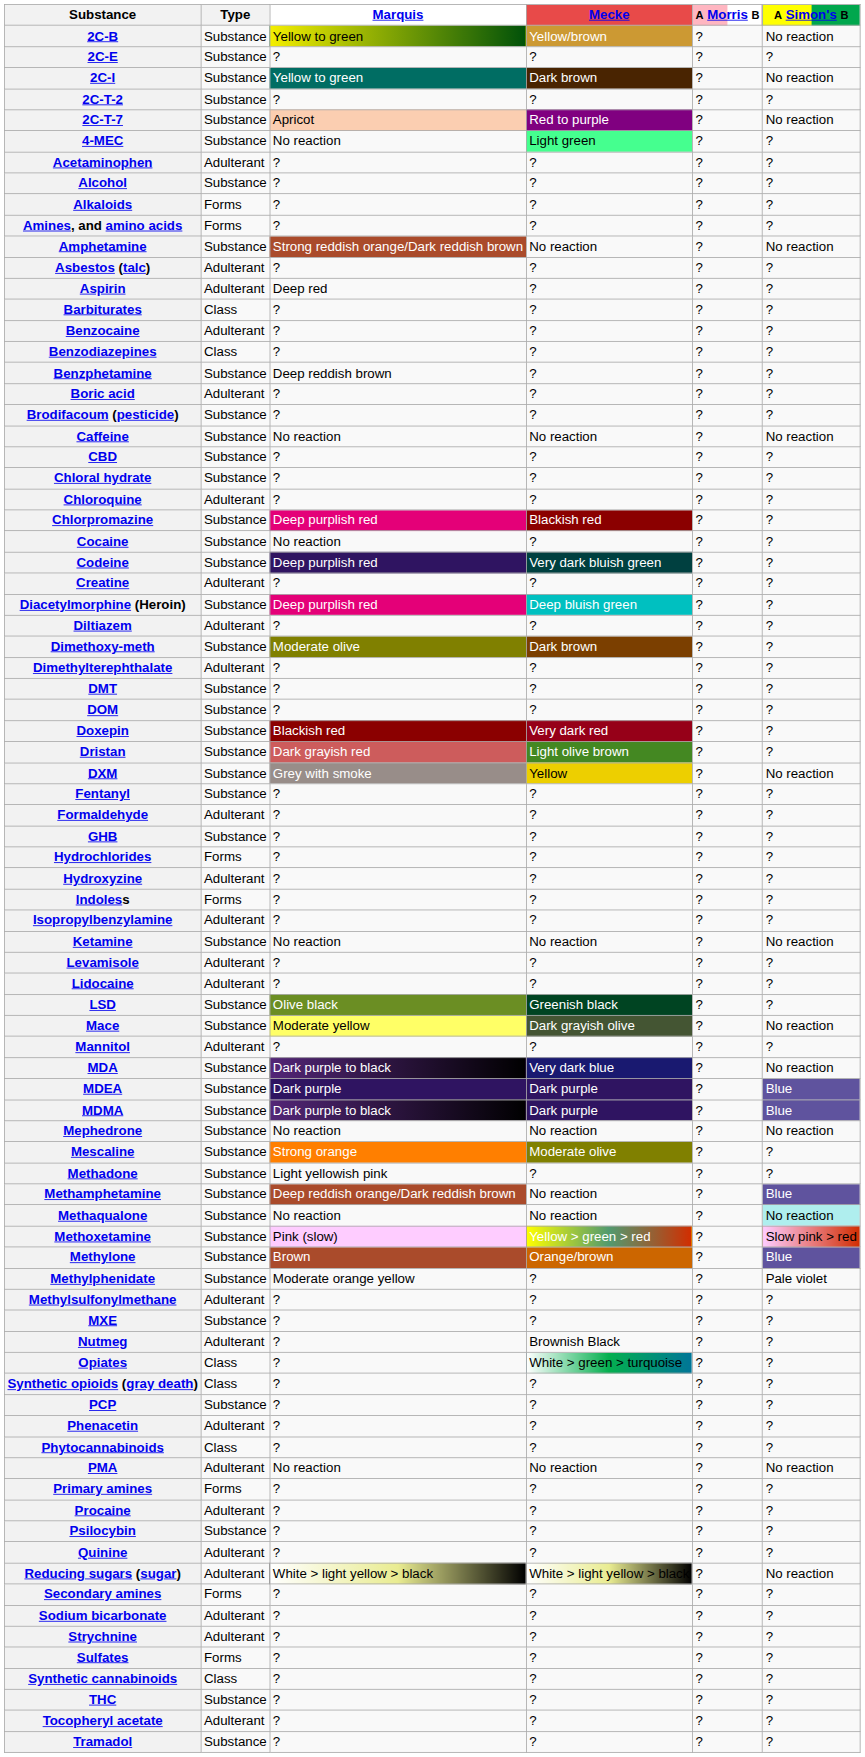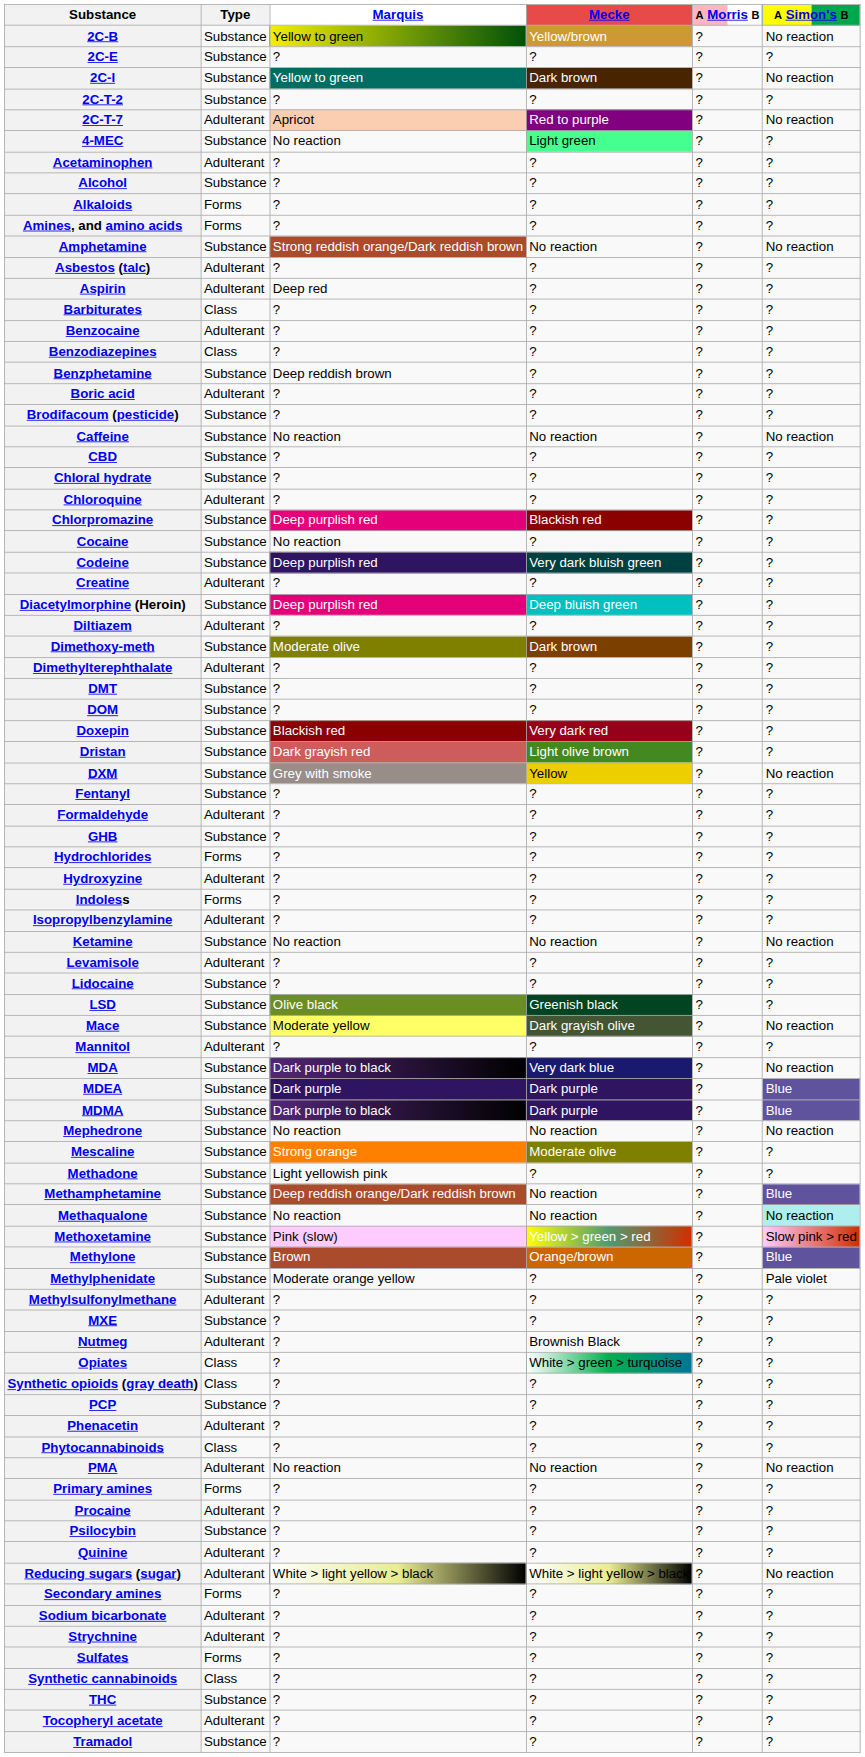 <table class="wikitable sortable">
 <tr>
 <th>Substance</th>
 <th>Type</th>
 <th style="background:#ffffff;"><a href='#'>Marquis</a></th>
 <th style="background:#e84a49;"><a href='#'>Mecke</a></th>
 <th style="background-image: linear-gradient(to right, lightpink 50%, white 50%);"><small>A</small> <a href='#'>Morris</a> <small>B</small></th>
 <th style="background-image: linear-gradient(to right, yellow 50%, #00a74d 50%);"><small>A</small> <a href='#'>Simon's</a> <small>B</small></th>
 </tr>
 <tr>
 <th><a href='#'>2C-B</a></th>
 <td>Substance</td>
 <td style="background-image: linear-gradient(to right, #f4ee00,#005109);">Yellow to green </td>
 <td style="background:#CC9933; color:white">Yellow/brown</td>
 <td>?</td>
 <td>No reaction</td>
 </tr>
 <tr>
 <th><a href='#'>2C-E</a></th>
 <td>Substance</td>
 <td>?</td>
 <td>?</td>
 <td>?</td>
 <td>?</td>
 </tr>
 <tr>
 <th><a href='#'>2C-I</a></th>
 <td>Substance</td>
 <td style="background:#006d63; color:white">Yellow to green</td>
 <td style="background:#492401; color:white">Dark brown</td>
 <td>?</td>
 <td>No reaction</td>
 </tr>
 <tr>
 <th><a href='#'>2C-T-2</a></th>
 <td>Substance</td>
 <td>?</td>
 <td>?</td>
 <td>?</td>
 <td>?</td>
 </tr>
 <tr>
 <th><a href='#'>2C-T-7</a></th>
-<td>Substance</td>
+<td>Adulterant</td>
 <td style="background:#FBCEB1; color:black">Apricot</td>
 <td style="background:#800080; color:white">Red to purple</td>
 <td>?</td>
 <td>No reaction</td>
 </tr>
 <tr>
 <th><a href='#'>4-MEC</a></th>
 <td>Substance</td>
 <td>No reaction</td>
 <td style="background:#45FF8F; color:light green">Light green</td>
 <td>?</td>
 <td>?</td>
 </tr>
 <tr>
 <th><a href='#'>Acetaminophen</a></th>
 <td>Adulterant</td>
 <td>?</td>
 <td>?</td>
 <td>?</td>
 <td>?</td>
 </tr>
 <tr>
 <th><a href='#'>Alcohol</a></th>
 <td>Substance</td>
 <td>?</td>
 <td>?</td>
 <td>?</td>
 <td>?</td>
 </tr>
 <tr>
 <th><a href='#'>Alkaloids</a></th>
 <td>Forms</td>
 <td>?</td>
 <td>?</td>
 <td>?</td>
 <td>?</td>
 </tr>
 <tr>
 <th><a href='#'>Amines</a>, and <a href='#'>amino acids</a></th>
 <td>Forms</td>
 <td>?</td>
 <td>?</td>
 <td>?</td>
 <td>?</td>
 </tr>
 <tr>
 <th><a href='#'>Amphetamine</a></th>
 <td>Substance</td>
 <td style="background:#AA4B2B; color:white">Strong reddish orange/Dark reddish brown </td>
 <td>No reaction</td>
 <td>?</td>
 <td>No reaction</td>
 </tr>
 <tr>
 <th><a href='#'>Asbestos</a> (<a href='#'>talc</a>)</th>
 <td>Adulterant</td>
 <td>?</td>
 <td>?</td>
 <td>?</td>
 <td>?</td>
 </tr>
 <tr>
 <th><a href='#'>Aspirin</a></th>
 <td>Adulterant</td>
 <td>Deep red </td>
 <td>?</td>
 <td>?</td>
 <td>?</td>
 </tr>
 <tr>
 <th><a href='#'>Barbiturates</a></th>
 <td>Class</td>
 <td>?</td>
 <td>?</td>
 <td>?</td>
 <td>?</td>
 </tr>
 <tr>
 <th><a href='#'>Benzocaine</a></th>
 <td>Adulterant</td>
 <td>?</td>
 <td>?</td>
 <td>?</td>
 <td>?</td>
 </tr>
 <tr>
 <th><a href='#'>Benzodiazepines</a></th>
 <td>Class</td>
 <td>?</td>
 <td>?</td>
 <td>?</td>
 <td>?</td>
 </tr>
 <tr>
 <th><a href='#'>Benzphetamine</a></th>
 <td>Substance</td>
 <td>Deep reddish brown </td>
 <td>?</td>
 <td>?</td>
 <td>?</td>
 </tr>
 <tr>
 <th><a href='#'>Boric acid</a></th>
 <td>Adulterant</td>
 <td>?</td>
 <td>?</td>
 <td>?</td>
 <td>?</td>
 </tr>
 <tr>
 <th><a href='#'>Brodifacoum</a> (<a href='#'>pesticide</a>)</th>
 <td>Substance</td>
 <td>?</td>
 <td>?</td>
 <td>?</td>
 <td>?</td>
 </tr>
 <tr>
 <th><a href='#'>Caffeine</a></th>
 <td>Substance</td>
 <td>No reaction</td>
 <td>No reaction</td>
 <td>?</td>
 <td>No reaction</td>
 </tr>
 <tr>
 <th><a href='#'>CBD</a></th>
 <td>Substance</td>
 <td>?</td>
 <td>?</td>
 <td>?</td>
 <td>?</td>
 </tr>
 <tr>
 <th><a href='#'>Chloral hydrate</a></th>
 <td>Substance</td>
 <td>?</td>
 <td>?</td>
 <td>?</td>
 <td>?</td>
 </tr>
 <tr>
 <th><a href='#'>Chloroquine</a></th>
 <td>Adulterant</td>
 <td>?</td>
 <td>?</td>
 <td>?</td>
 <td>?</td>
 </tr>
 <tr>
 <th><a href='#'>Chlorpromazine</a></th>
 <td>Substance</td>
 <td style="background:#E40078; color:white">Deep purplish red </td>
 <td style="background:#8B0000; color:white">Blackish red </td>
 <td>?</td>
 <td>?</td>
 </tr>
 <tr>
 <th><a href='#'>Cocaine</a></th>
 <td>Substance</td>
 <td>No reaction</td>
 <td>?</td>
 <td>?</td>
 <td>?</td>
 </tr>
 <tr>
 <th><a href='#'>Codeine</a></th>
 <td>Substance</td>
 <td style="background:#2F1461; color:white">Deep purplish red </td>
 <td style="background:#004040; color:white">Very dark bluish green </td>
 <td>?</td>
 <td>?</td>
 </tr>
 <tr>
 <th><a href='#'>Creatine</a></th>
 <td>Adulterant</td>
 <td>?</td>
 <td>?</td>
 <td>?</td>
 <td>?</td>
 </tr>
 <tr>
 <th><a href='#'>Diacetylmorphine</a> (Heroin)</th>
 <td>Substance</td>
 <td style="background:#E40078; color:white">Deep purplish red </td>
 <td style="background:#00C0C0; color:white">Deep bluish green </td>
 <td>?</td>
 <td>?</td>
 </tr>
 <tr>
 <th><a href='#'>Diltiazem</a></th>
 <td>Adulterant</td>
 <td>?</td>
 <td>?</td>
 <td>?</td>
 <td>?</td>
 </tr>
 <tr>
 <th><a href='#'>Dimethoxy-meth</a></th>
 <td>Substance</td>
 <td style="background:#808000; color:white">Moderate olive</td>
 <td style="background:#7B3F00; color:white">Dark brown</td>
 <td>?</td>
 <td>?</td>
 </tr>
 <tr>
 <th><a href='#'>Dimethylterephthalate</a></th>
 <td>Adulterant</td>
 <td>?</td>
 <td>?</td>
 <td>?</td>
 <td>?</td>
 </tr>
 <tr>
 <th><a href='#'>DMT</a></th>
 <td>Substance</td>
 <td>?</td>
 <td>?</td>
 <td>?</td>
 <td>?</td>
 </tr>
 <tr>
 <th><a href='#'>DOM</a></th>
 <td>Substance</td>
 <td>?</td>
 <td>?</td>
 <td>?</td>
 <td>?</td>
 </tr>
 <tr>
 <th><a href='#'>Doxepin</a></th>
 <td>Substance</td>
 <td style="background:#8B0000; color:white">Blackish red </td>
 <td style="background:#960018; color:white">Very dark red</td>
 <td>?</td>
 <td>?</td>
 </tr>
 <tr>
 <th><a href='#'>Dristan</a></th>
 <td>Substance</td>
 <td style="background:#CD5C5C; color:white">Dark grayish red </td>
 <td style="background:#448822; color:white">Light olive brown </td>
 <td>?</td>
 <td>?</td>
 </tr>
 <tr>
 <th><a href='#'>DXM</a></th>
 <td>Substance</td>
 <td style="background:#988D89; color:white">Grey with smoke</td>
 <td style="background:#EDCF00; color:black">Yellow</td>
 <td>?</td>
 <td>No reaction</td>
 </tr>
 <tr>
 <th><a href='#'>Fentanyl</a></th>
 <td>Substance</td>
 <td>?</td>
 <td>?</td>
 <td>?</td>
 <td>?</td>
 </tr>
 <tr>
 <th><a href='#'>Formaldehyde</a></th>
 <td>Adulterant</td>
 <td>?</td>
 <td>?</td>
 <td>?</td>
 <td>?</td>
 </tr>
 <tr>
 <th><a href='#'>GHB</a></th>
 <td>Substance</td>
 <td>?</td>
 <td>?</td>
 <td>?</td>
 <td>?</td>
 </tr>
 <tr>
 <th><a href='#'>Hydrochlorides</a></th>
 <td>Forms</td>
 <td>?</td>
 <td>?</td>
 <td>?</td>
 <td>?</td>
 </tr>
 <tr>
 <th><a href='#'>Hydroxyzine</a></th>
 <td>Adulterant</td>
 <td>?</td>
 <td>?</td>
 <td>?</td>
 <td>?</td>
 </tr>
 <tr>
 <th><a href='#'>Indoles</a>s</th>
 <td>Forms</td>
 <td>?</td>
 <td>?</td>
 <td>?</td>
 <td>?</td>
 </tr>
 <tr>
 <th><a href='#'>Isopropylbenzylamine</a></th>
 <td>Adulterant</td>
 <td>?</td>
 <td>?</td>
 <td>?</td>
 <td>?</td>
 </tr>
 <tr>
 <th><a href='#'>Ketamine</a></th>
 <td>Substance</td>
 <td>No reaction</td>
 <td>No reaction</td>
 <td>?</td>
 <td>No reaction</td>
 </tr>
 <tr>
 <th><a href='#'>Levamisole</a></th>
 <td>Adulterant</td>
 <td>?</td>
 <td>?</td>
 <td>?</td>
 <td>?</td>
 </tr>
 <tr>
 <th><a href='#'>Lidocaine</a></th>
-<td>Adulterant</td>
+<td>Substance</td>
 <td>?</td>
 <td>?</td>
 <td>?</td>
 <td>?</td>
 </tr>
 <tr>
 <th><a href='#'>LSD</a></th>
 <td>Substance</td>
 <td style="background:#6B8E23; color:white">Olive black </td>
 <td style="background:#004422; color:white">Greenish black </td>
 <td>?</td>
 <td>?</td>
 </tr>
 <tr>
 <th><a href='#'>Mace</a></th>
 <td>Substance</td>
 <td style="background:#FFFF66; color:black">Moderate yellow </td>
 <td style="background:#445533; color:white">Dark grayish olive </td>
 <td>?</td>
 <td>No reaction</td>
 </tr>
 <tr>
 <th><a href='#'>Mannitol</a></th>
 <td>Adulterant</td>
 <td>?</td>
 <td>?</td>
 <td>?</td>
 <td>?</td>
 </tr>
 <tr>
 <th><a href='#'>MDA</a></th>
 <td>Substance</td>
 <td style="background-image: linear-gradient(to right, #532677, #000000); color:white">Dark purple to black</td>
 <td style="background:#191970; color:white">Very dark blue</td>
 <td>?</td>
 <td>No reaction</td>
 </tr>
 <tr>
 <th><a href='#'>MDEA</a></th>
 <td>Substance</td>
 <td style="background:#2F1461; color:white">Dark purple</td>
 <td style="background:#2F1461; color:white">Dark purple</td>
 <td>?</td>
 <td style="background:#5F539E; color:white">Blue</td>
 </tr>
 <tr>
 <th><a href='#'>MDMA</a></th>
 <td>Substance</td>
 <td style="background-image: linear-gradient(to right, #532677, #000000); color:white">Dark purple to black</td>
 <td style="background:#2F1461; color:white">Dark purple</td>
 <td>?</td>
 <td style="background:#5F539E; color:white">Blue</td>
 </tr>
 <tr>
 <th><a href='#'>Mephedrone</a></th>
 <td>Substance</td>
 <td>No reaction</td>
 <td>No reaction</td>
 <td>?</td>
 <td>No reaction</td>
 </tr>
 <tr>
 <th><a href='#'>Mescaline</a></th>
 <td>Substance</td>
 <td style="background:#FF7F00; color:white">Strong orange </td>
 <td style="background:#808000; color:white">Moderate olive </td>
 <td>?</td>
 <td>?</td>
 </tr>
 <tr>
 <th><a href='#'>Methadone</a></th>
 <td>Substance</td>
 <td>Light yellowish pink </td>
 <td>?</td>
 <td>?</td>
 <td>?</td>
 </tr>
 <tr>
 <th><a href='#'>Methamphetamine</a></th>
 <td>Substance</td>
 <td style="background:#AA4B2B; color:white">Deep reddish orange/Dark reddish brown </td>
 <td>No reaction</td>
 <td>?</td>
 <td style="background:#5F539E; color:white">Blue</td>
 </tr>
 <tr>
 <th><a href='#'>Methaqualone</a></th>
 <td>Substance</td>
 <td>No reaction</td>
 <td>No reaction</td>
 <td>?</td>
 <td style="background: paleturquoise;">No reaction</td>
 </tr>
 <tr>
 <th><a href='#'>Methoxetamine</a></th>
 <td>Substance</td>
 <td style="background:#feccff; color:black">Pink (slow)</td>
 <td style="background-image: linear-gradient(to right, #ffff00,#519a6f, #d22d00); color:white">Yellow > green > red</td>
 <td>?</td>
 <td style="background-image: linear-gradient(to right, #feccff, #d22d00); color:black">Slow pink > red</td>
 </tr>
 <tr>
 <th><a href='#'>Methylone</a></th>
 <td>Substance</td>
 <td style="background:#AA4B2B; color:white">Brown</td>
 <td style="background:#CC6600; color:white">Orange/brown</td>
 <td>?</td>
 <td style="background:#5F539E; color:white">Blue</td>
 </tr>
 <tr>
 <th><a href='#'>Methylphenidate</a></th>
 <td>Substance</td>
 <td>Moderate orange yellow </td>
 <td>?</td>
 <td>?</td>
 <td>Pale violet</td>
 </tr>
 <tr>
 <th><a href='#'>Methylsulfonylmethane</a></th>
 <td>Adulterant</td>
 <td>?</td>
 <td>?</td>
 <td>?</td>
 <td>?</td>
 </tr>
 <tr>
 <th><a href='#'>MXE</a></th>
 <td>Substance</td>
 <td>?</td>
 <td>?</td>
 <td>?</td>
 <td>?</td>
 </tr>
 <tr>
 <th><a href='#'>Nutmeg</a></th>
 <td>Adulterant</td>
 <td>?</td>
 <td>Brownish Black </td>
 <td>?</td>
 <td>?</td>
 </tr>
 <tr>
 <th><a href='#'>Opiates</a></th>
 <td>Class</td>
 <td>?</td>
 <td style="background-image: linear-gradient(to right, #ffffff, #04af4f, #007598)">White > green > turquoise</td>
 <td>?</td>
 <td>?</td>
 </tr>
 <tr>
 <th><a href='#'>Synthetic opioids</a> (<a href='#'>gray death</a>)</th>
 <td>Class</td>
 <td>?</td>
 <td>?</td>
 <td>?</td>
 <td>?</td>
 </tr>
 <tr>
 <th><a href='#'>PCP</a></th>
 <td>Substance</td>
 <td>?</td>
 <td>?</td>
 <td>?</td>
 <td>?</td>
 </tr>
 <tr>
 <th><a href='#'>Phenacetin</a></th>
 <td>Adulterant</td>
 <td>?</td>
 <td>?</td>
 <td>?</td>
 <td>?</td>
 </tr>
 <tr>
 <th><a href='#'>Phytocannabinoids</a></th>
 <td>Class</td>
 <td>?</td>
 <td>?</td>
 <td>?</td>
 <td>?</td>
 </tr>
 <tr>
 <th><a href='#'>PMA</a></th>
 <td>Adulterant</td>
 <td>No reaction</td>
 <td>No reaction</td>
 <td>?</td>
 <td>No reaction</td>
 </tr>
 <tr>
 <th><a href='#'>Primary amines</a></th>
 <td>Forms</td>
 <td>?</td>
 <td>?</td>
 <td>?</td>
 <td>?</td>
 </tr>
 <tr>
 <th><a href='#'>Procaine</a></th>
 <td>Adulterant</td>
 <td>?</td>
 <td>?</td>
 <td>?</td>
 <td>?</td>
 </tr>
 <tr>
 <th><a href='#'>Psilocybin</a></th>
 <td>Substance</td>
 <td>?</td>
 <td>?</td>
 <td>?</td>
 <td>?</td>
 </tr>
 <tr>
 <th><a href='#'>Quinine</a></th>
 <td>Adulterant</td>
 <td>?</td>
 <td>?</td>
 <td>?</td>
 <td>?</td>
 </tr>
 <tr>
 <th><a href='#'>Reducing sugars</a> (<a href='#'>sugar</a>)</th>
 <td>Adulterant</td>
 <td style="background-image: linear-gradient(to right, #ffffff, #e9ec91, #000000); color:black">White > light yellow > black</td>
 <td style="background-image: linear-gradient(to right, #ffffff, #e9ec91, #000000); color:black">White > light yellow > black</td>
 <td>?</td>
 <td>No reaction</td>
 </tr>
 <tr>
 <th><a href='#'>Secondary amines</a></th>
 <td>Forms</td>
 <td>?</td>
 <td>?</td>
 <td>?</td>
 <td>?</td>
 </tr>
 <tr>
 <th><a href='#'>Sodium bicarbonate</a></th>
 <td>Adulterant</td>
 <td>?</td>
 <td>?</td>
 <td>?</td>
 <td>?</td>
 </tr>
 <tr>
 <th><a href='#'>Strychnine</a></th>
 <td>Adulterant</td>
 <td>?</td>
 <td>?</td>
 <td>?</td>
 <td>?</td>
 </tr>
 <tr>
 <th><a href='#'>Sulfates</a></th>
 <td>Forms</td>
 <td>?</td>
 <td>?</td>
 <td>?</td>
 <td>?</td>
 </tr>
 <tr>
 <th><a href='#'>Synthetic cannabinoids</a></th>
 <td>Class</td>
 <td>?</td>
 <td>?</td>
 <td>?</td>
 <td>?</td>
 </tr>
 <tr>
 <th><a href='#'>THC</a></th>
 <td>Substance</td>
 <td>?</td>
 <td>?</td>
 <td>?</td>
 <td>?</td>
 </tr>
 <tr>
 <th><a href='#'>Tocopheryl acetate</a></th>
 <td>Adulterant</td>
 <td>?</td>
 <td>?</td>
 <td>?</td>
 <td>?</td>
 </tr>
 <tr>
 <th><a href='#'>Tramadol</a></th>
 <td>Substance</td>
 <td>?</td>
 <td>?</td>
 <td>?</td>
 <td>?</td>
 </tr>
 </table>
